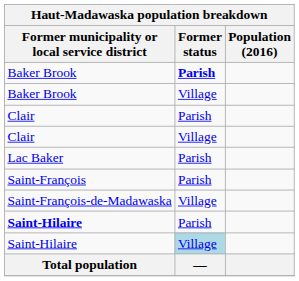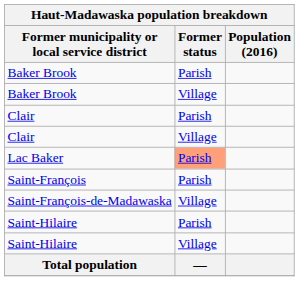 <table class="wikitable sortable">
 <tr>
 <th colspan=3>Haut-Madawaska population breakdown</th>
 </tr>
 <tr>
 <th>Former municipality or<br>local service district</th>
 <th>Former<br>status</th>
 <th>Population<br>(2016)</th>
 </tr>
 <tr>
 <td><a href='#'>Baker Brook</a></td>
-<td><strong><a href='#'>Parish</a></strong></td>
+<td><a href='#'>Parish</a></td>
 <td align=center></td>
 </tr>
 <tr>
 <td><a href='#'>Baker Brook</a></td>
 <td><a href='#'>Village</a></td>
 <td align=center></td>
 </tr>
 <tr>
 <td><a href='#'>Clair</a></td>
 <td><a href='#'>Parish</a></td>
 <td align=center></td>
 </tr>
 <tr>
 <td><a href='#'>Clair</a></td>
 <td><a href='#'>Village</a></td>
 <td align=center></td>
 </tr>
 <tr>
 <td><a href='#'>Lac Baker</a></td>
-<td><a href='#'>Parish</a></td>
+<td style="background: lightsalmon;"><a href='#'>Parish</a></td>
 <td align=center></td>
 </tr>
 <tr>
 <td><a href='#'>Saint-François</a></td>
 <td><a href='#'>Parish</a></td>
 <td align=center></td>
 </tr>
 <tr>
 <td><a href='#'>Saint-François-de-Madawaska</a></td>
 <td><a href='#'>Village</a></td>
 <td align=center></td>
 </tr>
 <tr>
-<td><strong><a href='#'>Saint-Hilaire</a></strong></td>
+<td><a href='#'>Saint-Hilaire</a></td>
 <td><a href='#'>Parish</a></td>
 <td align=center></td>
 </tr>
 <tr>
 <td><a href='#'>Saint-Hilaire</a></td>
-<td style="background: lightblue;"><a href='#'>Village</a></td>
+<td><a href='#'>Village</a></td>
 <td align=center></td>
 </tr>
 <tr class="sortbottom" style="text-align:center;">
 <th style="text-align:center;">Total population</th>
 <th style="text-align:center;">—</th>
 <th style="text-align:center;"></th>
 </tr>
 <tr>
 </tr>
 </table>
